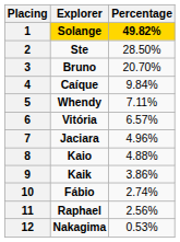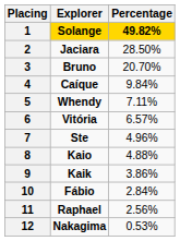 <table class="wikitable" style="text-align:center; font-size:85%;">
 <tr>
 <th>Placing</th>
 <th>Explorer</th>
 <th>Percentage</th>
 </tr>
 <tr>
 <th>1</th>
 <td bgcolor="gold"><strong>Solange</strong></td>
 <td bgcolor="gold"><strong>49.82%<br></strong></td>
 </tr>
 <tr>
 <th>2</th>
-<td><strong>Ste</strong></td>
+<td><strong>Jaciara</strong></td>
 <td>28.50%<br></td>
 </tr>
 <tr>
 <th>3</th>
 <td><strong>Bruno</strong></td>
 <td>20.70%<br></td>
 </tr>
 <tr>
 <th>4</th>
 <td><strong>Caíque</strong></td>
 <td>9.84%<br></td>
 </tr>
 <tr>
 <th>5</th>
 <td><strong>Whendy</strong></td>
 <td>7.11%<br></td>
 </tr>
 <tr>
 <th>6</th>
 <td><strong>Vitória</strong></td>
 <td>6.57%<br></td>
 </tr>
 <tr>
 <th>7</th>
-<td><strong>Jaciara</strong></td>
+<td><strong>Ste</strong></td>
 <td>4.96%<br></td>
 </tr>
 <tr>
 <th>8</th>
 <td><strong>Kaio</strong></td>
 <td>4.88%<br></td>
 </tr>
 <tr>
 <th>9</th>
 <td><strong>Kaik</strong></td>
 <td>3.86%<br></td>
 </tr>
 <tr>
 <th>10</th>
 <td><strong>Fábio</strong></td>
-<td>2.74%<br></td>
+<td>2.84%<br></td>
 </tr>
 <tr>
 <th>11</th>
 <td><strong>Raphael</strong></td>
 <td>2.56%<br></td>
 </tr>
 <tr>
 <th>12</th>
 <td><strong>Nakagima</strong></td>
 <td>0.53%<br></td>
 </tr>
 </table>
